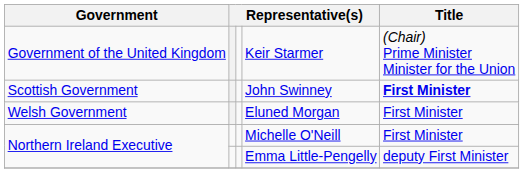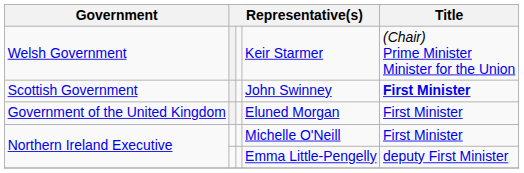 <table class="wikitable">
 <tr>
 <th>Government</th>
 <th colspan=3>Representative(s)</th>
 <th>Title</th>
 </tr>
 <tr>
-<td><a href='#'>Government of the United Kingdom</a></td>
+<td><a href='#'>Welsh Government</a></td>
 <th style="background-color: "></th>
 <td></td>
 <td><a href='#'>Keir Starmer</a> </td>
 <td><em>(Chair)</em><br><a href='#'>Prime Minister</a><br><a href='#'>Minister for the Union</a></td>
 </tr>
 <tr>
 <td><a href='#'>Scottish Government</a></td>
 <th style="background:"></th>
 <td></td>
 <td><a href='#'>John Swinney</a> </td>
 <td><strong><a href='#'>First Minister</a></strong></td>
 </tr>
 <tr>
-<td><a href='#'>Welsh Government</a></td>
+<td><a href='#'>Government of the United Kingdom</a></td>
 <th style="background:"></th>
 <td></td>
 <td><a href='#'>Eluned Morgan</a> </td>
 <td><a href='#'>First Minister</a></td>
 </tr>
 <tr>
 <td rowspan=2><a href='#'>Northern Ireland Executive</a></td>
 <td style="background:"></td>
 <td></td>
 <td><a href='#'>Michelle O'Neill</a> </td>
 <td><a href='#'>First Minister</a></td>
 </tr>
 <tr>
 <td style="background:"></td>
 <td></td>
 <td><a href='#'>Emma Little-Pengelly</a> </td>
 <td><a href='#'>deputy First Minister</a></td>
 </tr>
 <tr>
 </tr>
 </table>
